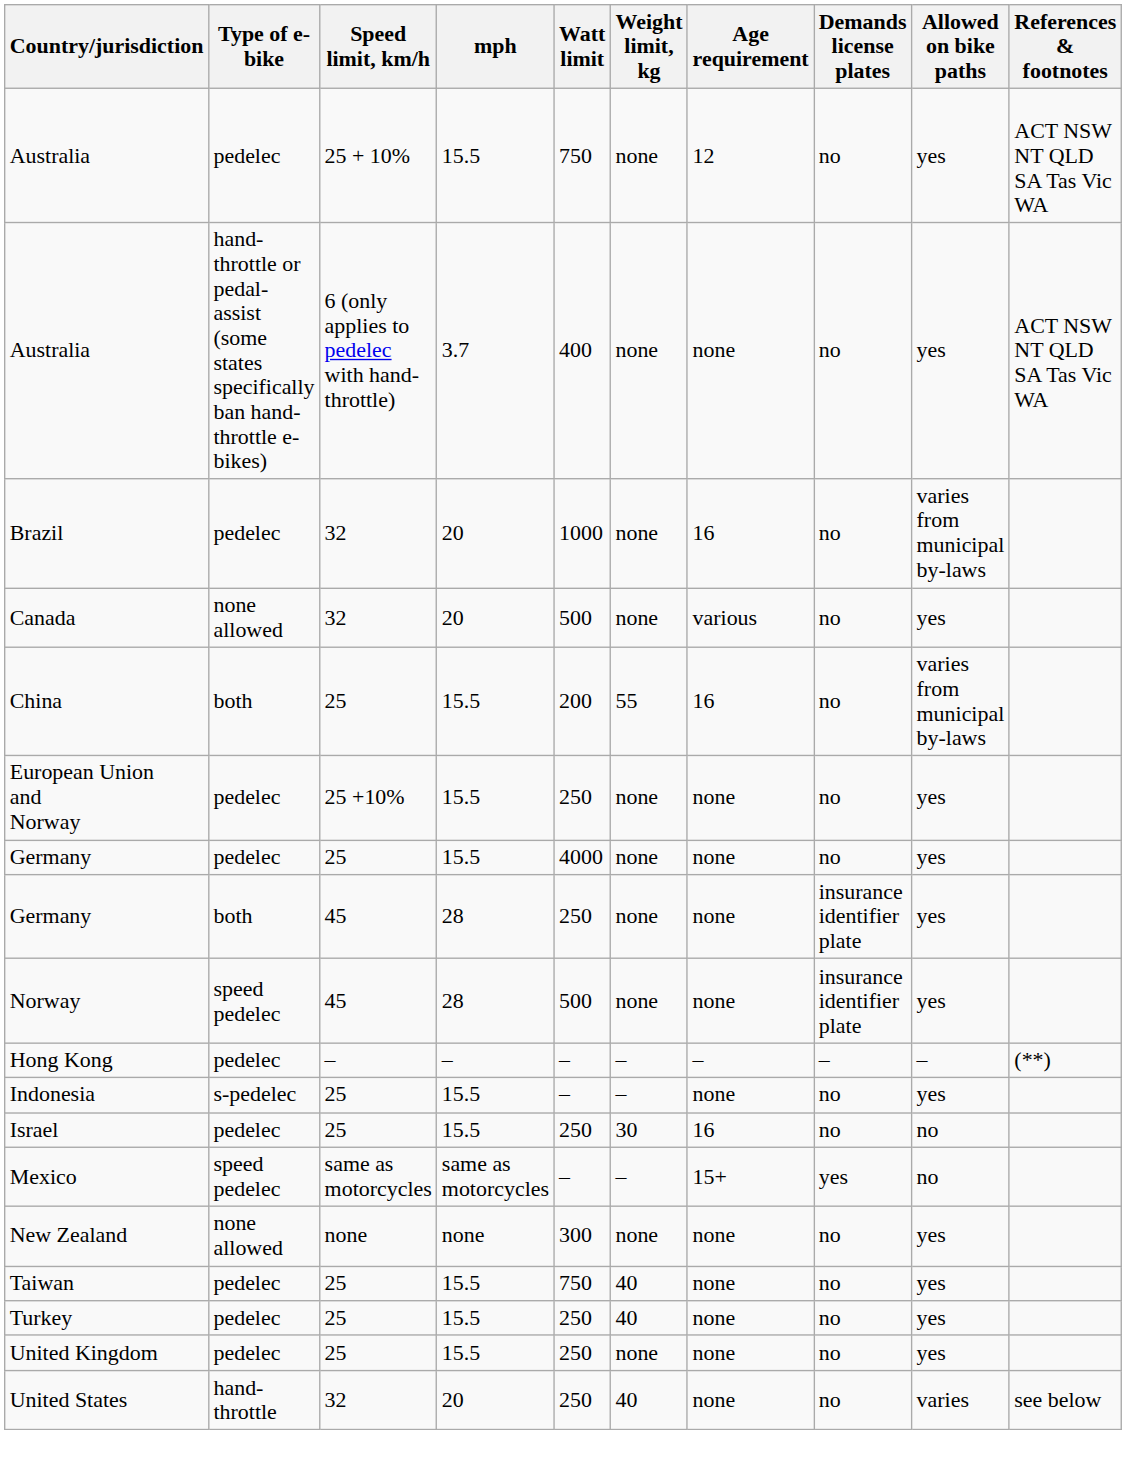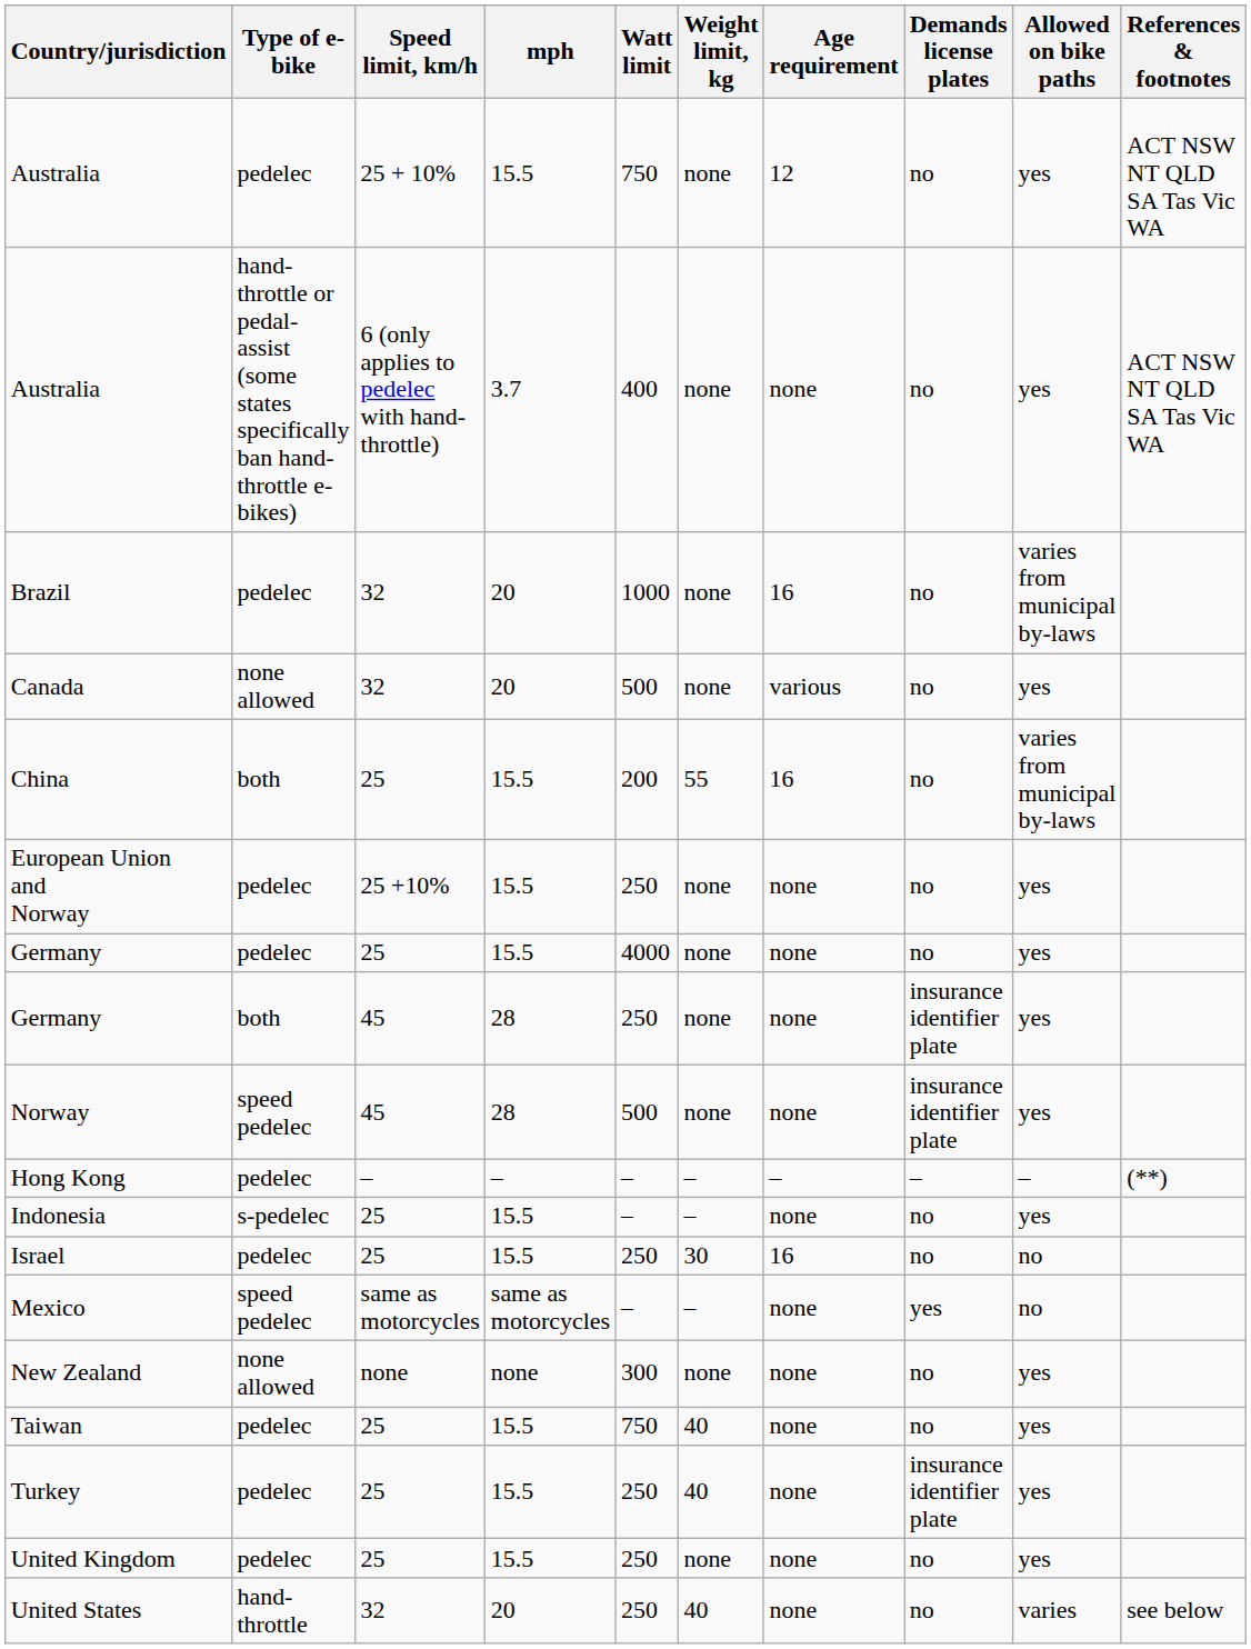 <table class="wikitable sortable sticky-header">
 <tr>
 <th>Country/jurisdiction</th>
 <th>Type of e-bike</th>
 <th>Speed limit, km/h</th>
 <th>mph</th>
 <th>Watt limit</th>
 <th>Weight limit, kg</th>
 <th>Age requirement</th>
 <th>Demands license plates</th>
 <th>Allowed on bike paths</th>
 <th>References & footnotes</th>
 </tr>
 <tr>
 <td>Australia</td>
 <td>pedelec</td>
 <td>25 + 10%</td>
 <td>15.5</td>
 <td>750</td>
 <td>none</td>
 <td>12</td>
 <td>no</td>
 <td>yes</td>
 <td><br>ACT NSW  NT QLD  SA  Tas  Vic WA</td>
 </tr>
 <tr>
 <td>Australia</td>
 <td>hand-throttle or pedal-assist (some states specifically ban hand-throttle e-bikes)</td>
 <td>6 (only applies to <a href='#'>pedelec</a> with hand-throttle)</td>
 <td>3.7</td>
 <td>400</td>
 <td>none</td>
 <td>none</td>
 <td>no</td>
 <td>yes</td>
 <td><br>ACT NSW  NT QLD SA  Tas Vic WA</td>
 </tr>
 <tr>
 <td>Brazil</td>
 <td>pedelec</td>
 <td>32</td>
 <td>20</td>
 <td>1000</td>
 <td>none</td>
 <td>16</td>
 <td>no</td>
 <td>varies from municipal by-laws</td>
 <td></td>
 </tr>
 <tr>
 <td>Canada</td>
 <td>none allowed</td>
 <td>32</td>
 <td>20</td>
 <td>500</td>
 <td>none</td>
 <td>various</td>
 <td>no</td>
 <td>yes</td>
 <td></td>
 </tr>
 <tr>
 <td>China</td>
 <td>both</td>
 <td>25</td>
 <td>15.5</td>
 <td>200</td>
 <td>55</td>
 <td>16</td>
 <td>no</td>
 <td>varies from municipal by-laws</td>
 <td></td>
 </tr>
 <tr>
 <td>European Union<br>and<br>Norway</td>
 <td>pedelec</td>
 <td>25 +10%</td>
 <td>15.5</td>
 <td>250</td>
 <td>none</td>
 <td>none</td>
 <td>no</td>
 <td>yes</td>
 <td></td>
 </tr>
 <tr>
 <td>Germany</td>
 <td>pedelec</td>
 <td>25</td>
 <td>15.5</td>
 <td>4000</td>
 <td>none</td>
 <td>none</td>
 <td>no</td>
 <td>yes</td>
 <td></td>
 </tr>
 <tr>
 <td>Germany</td>
 <td>both</td>
 <td>45</td>
 <td>28</td>
 <td>250</td>
 <td>none</td>
 <td>none</td>
 <td>insurance identifier plate</td>
 <td>yes</td>
 <td></td>
 </tr>
 <tr>
 <td>Norway</td>
 <td>speed pedelec</td>
 <td>45</td>
 <td>28</td>
 <td>500</td>
 <td>none</td>
 <td>none</td>
 <td>insurance identifier plate</td>
 <td>yes </td>
 <td></td>
 </tr>
 <tr>
 <td>Hong Kong</td>
 <td>pedelec</td>
 <td>–</td>
 <td>–</td>
 <td>–</td>
 <td>–</td>
 <td>–</td>
 <td>–</td>
 <td>–</td>
 <td> (**)</td>
 </tr>
 <tr>
 <td>Indonesia</td>
 <td>s-pedelec</td>
 <td>25</td>
 <td>15.5</td>
 <td>–</td>
 <td>–</td>
 <td>none</td>
 <td>no</td>
 <td>yes</td>
 <td></td>
 </tr>
 <tr>
 <td>Israel</td>
 <td>pedelec</td>
 <td>25</td>
 <td>15.5</td>
 <td>250</td>
 <td>30</td>
 <td>16</td>
 <td>no</td>
 <td>no</td>
 <td></td>
 </tr>
 <tr>
 <td>Mexico</td>
 <td>speed pedelec</td>
 <td>same as motorcycles</td>
 <td>same as motorcycles</td>
 <td>–</td>
 <td>–</td>
-<td>15+</td>
+<td>none</td>
 <td>yes</td>
 <td>no</td>
 <td></td>
 </tr>
 <tr>
 <td>New Zealand</td>
 <td>none allowed</td>
 <td>none</td>
 <td>none</td>
 <td>300</td>
 <td>none</td>
 <td>none</td>
 <td>no</td>
 <td>yes</td>
 <td></td>
 </tr>
 <tr>
 <td>Taiwan</td>
 <td>pedelec</td>
 <td>25</td>
 <td>15.5</td>
 <td>750</td>
 <td>40</td>
 <td>none</td>
 <td>no</td>
 <td>yes</td>
 <td></td>
 </tr>
 <tr>
 <td>Turkey</td>
 <td>pedelec</td>
 <td>25</td>
 <td>15.5</td>
 <td>250</td>
 <td>40</td>
 <td>none</td>
-<td>no</td>
+<td>insurance identifier plate</td>
 <td>yes</td>
 <td></td>
 </tr>
 <tr>
 <td>United Kingdom</td>
 <td>pedelec</td>
 <td>25</td>
 <td>15.5</td>
 <td>250</td>
 <td>none</td>
 <td>none</td>
 <td>no</td>
 <td>yes</td>
 <td></td>
 </tr>
 <tr>
 <td>United States</td>
 <td>hand-throttle</td>
 <td>32</td>
 <td>20</td>
 <td>250</td>
 <td>40</td>
 <td>none</td>
 <td>no</td>
 <td>varies</td>
 <td>see below</td>
 </tr>
 </table>
